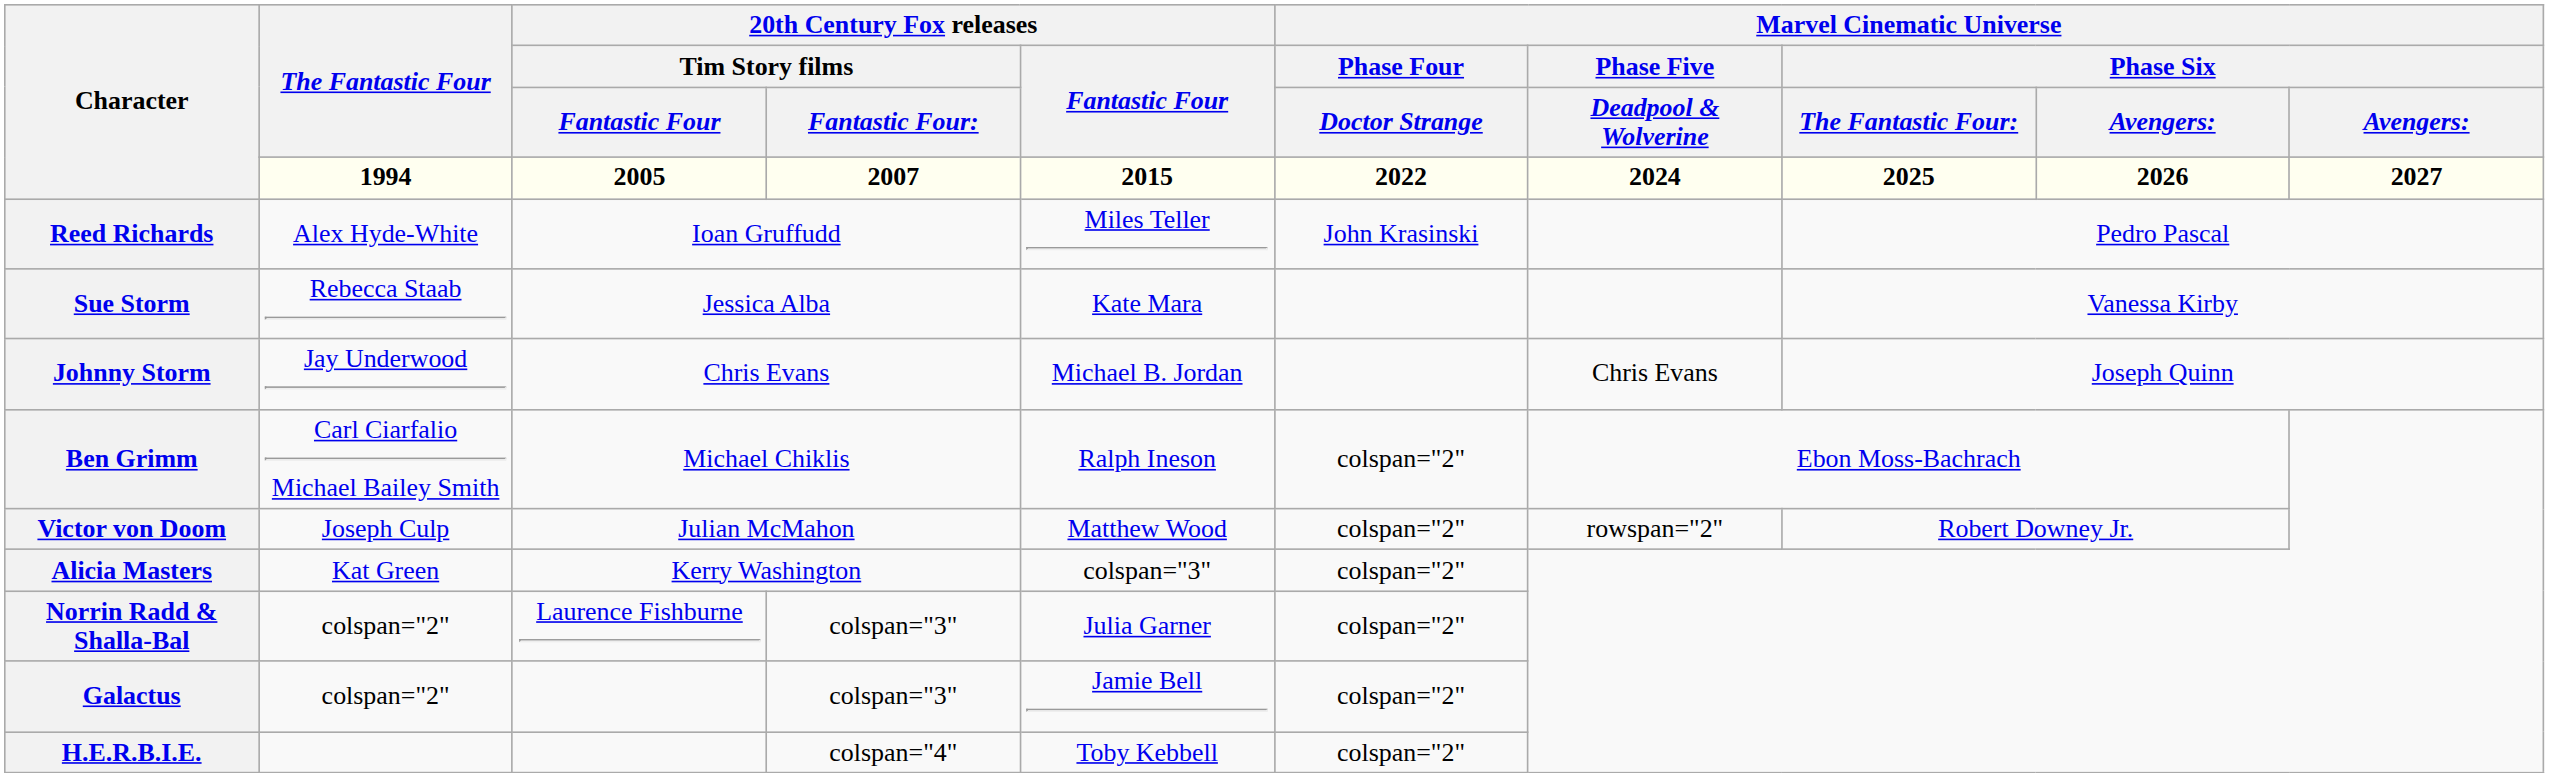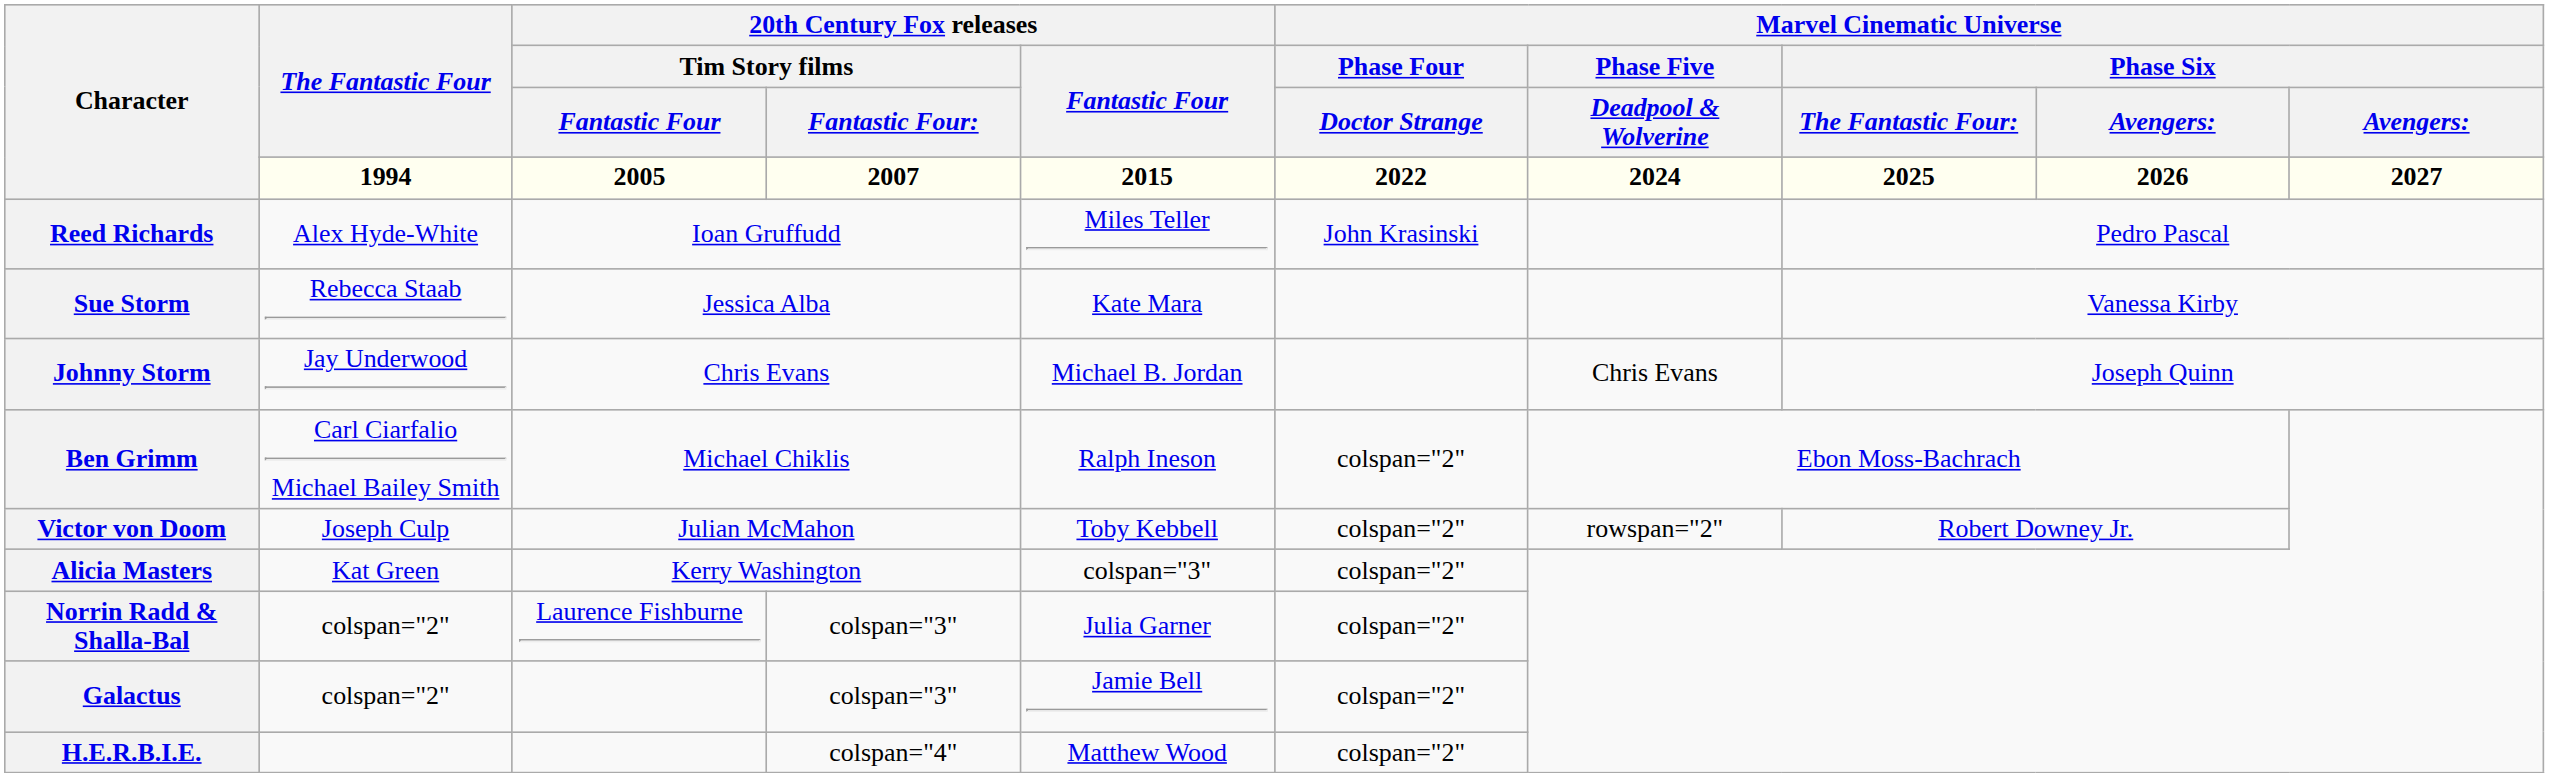 <table class="wikitable" style="text-align:center; width:99%;">
 <tr>
 <th width="9%" rowspan="4">Character</th>
 <th width="9%" rowspan="3"><em><a href='#'>The Fantastic Four</a></em></th>
 <th colspan="3"><a href='#'>20th Century Fox</a> releases</th>
 <th colspan="5"><a href='#'>Marvel Cinematic Universe</a></th>
 </tr>
 <tr>
 <th colspan="2">Tim Story films</th>
 <th width="9%" rowspan="2"><em><a href='#'>Fantastic Four</a></em></th>
 <th width="9%"><a href='#'>Phase Four</a></th>
 <th width="9%"><a href='#'>Phase Five</a></th>
 <th colspan="3" width="9%"><a href='#'>Phase Six</a></th>
 </tr>
 <tr>
 <th width="9%"><em><a href='#'>Fantastic Four</a></em></th>
 <th width="9%"><em><a href='#'>Fantastic Four:<br></a></em></th>
 <th width="9%"><em><a href='#'>Doctor Strange<br></a></em></th>
 <th width="9%"><em><a href='#'>Deadpool & Wolverine</a></em></th>
 <th width="9%"><em><a href='#'>The Fantastic Four:<br></a></em></th>
 <th width="9%"><em><a href='#'>Avengers:<br></a></em></th>
 <th width="9%"><em><a href='#'>Avengers:<br></a></em></th>
 </tr>
 <tr>
 <td style="background:ivory;"><strong>1994</strong></td>
 <td style="background:ivory;"><strong>2005</strong></td>
 <td style="background:ivory;"><strong>2007</strong></td>
 <td style="background:ivory;"><strong>2015</strong></td>
 <td style="background:ivory;"><strong>2022</strong></td>
 <td style="background:ivory;"><strong>2024</strong></td>
 <td style="background:ivory;"><strong>2025</strong></td>
 <td style="background:ivory;"><strong>2026</strong></td>
 <td style="background:ivory;"><strong>2027</strong></td>
 </tr>
 <tr>
 <th><a href='#'>Reed Richards<br></a></th>
 <td><a href='#'>Alex Hyde-White</a></td>
 <td colspan="2"><a href='#'>Ioan Gruffudd</a></td>
 <td><a href='#'>Miles Teller</a><hr></td>
 <td><a href='#'>John Krasinski</a></td>
 <td></td>
 <td colspan="3"><a href='#'>Pedro Pascal</a></td>
 </tr>
 <tr>
 <th><a href='#'>Sue Storm<br></a></th>
 <td><a href='#'>Rebecca Staab</a><hr></td>
 <td colspan="2"><a href='#'>Jessica Alba</a></td>
 <td><a href='#'>Kate Mara</a></td>
 <td></td>
 <td></td>
 <td colspan="3"><a href='#'>Vanessa Kirby</a></td>
 </tr>
 <tr>
 <th><a href='#'>Johnny Storm<br></a></th>
 <td><a href='#'>Jay Underwood</a><hr></td>
 <td colspan="2"><a href='#'>Chris Evans</a></td>
 <td><a href='#'>Michael B. Jordan</a></td>
 <td></td>
 <td>Chris Evans</td>
 <td colspan="3"><a href='#'>Joseph Quinn</a></td>
 </tr>
 <tr>
 <th><a href='#'>Ben Grimm<br></a></th>
 <td><a href='#'>Carl Ciarfalio</a><hr><a href='#'>Michael Bailey Smith</a></td>
 <td colspan="2"><a href='#'>Michael Chiklis</a></td>
 <td><a href='#'>Ralph Ineson</a></td>
 <td>colspan="2" </td>
 <td colspan="3"><a href='#'>Ebon Moss-Bachrach</a></td>
 </tr>
 <tr>
 <th><a href='#'>Victor von Doom<br></a></th>
 <td><a href='#'>Joseph Culp</a></td>
 <td colspan="2"><a href='#'>Julian McMahon</a></td>
-<td><a href='#'>Matthew Wood</a></td>
+<td><a href='#'>Toby Kebbell</a></td>
 <td>colspan="2" </td>
 <td>rowspan="2" </td>
 <td colspan="2"><a href='#'>Robert Downey Jr.</a></td>
 </tr>
 <tr>
 <th><a href='#'>Alicia Masters</a></th>
 <td><a href='#'>Kat Green</a></td>
 <td colspan="2"><a href='#'>Kerry Washington</a></td>
 <td>colspan="3" </td>
 <td>colspan="2" </td>
 </tr>
 <tr>
 <th><a href='#'> Norrin Radd & Shalla-Bal<br></a></th>
 <td>colspan="2" </td>
 <td><a href='#'>Laurence Fishburne</a><hr></td>
 <td>colspan="3" </td>
 <td><a href='#'>Julia Garner</a></td>
 <td>colspan="2" </td>
 </tr>
 <tr>
 <th><a href='#'>Galactus</a></th>
 <td>colspan="2" </td>
 <td></td>
 <td>colspan="3" </td>
 <td><a href='#'>Jamie Bell</a><hr></td>
 <td>colspan="2" </td>
 </tr>
 <tr>
 <th><a href='#'>H.E.R.B.I.E.</a></th>
 <td></td>
 <td></td>
 <td>colspan="4" </td>
-<td><a href='#'>Toby Kebbell</a></td>
+<td><a href='#'>Matthew Wood</a></td>
 <td>colspan="2" </td>
 </tr>
 <tr>
 </tr>
 </table>
